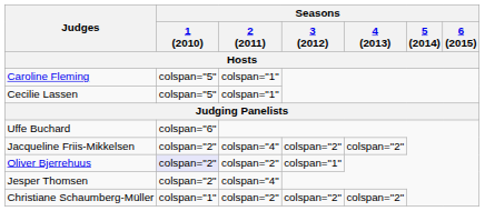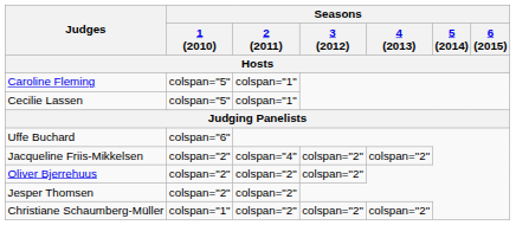 <table class="wikitable" style="margin:1em auto 1em auto;">
 <tr>
 <th rowspan="2">Judges</th>
 <th colspan="6">Seasons</th>
 </tr>
 <tr>
 <th><a href='#'>1</a><br> (2010)</th>
 <th><a href='#'>2</a><br> (2011)</th>
 <th><a href='#'>3</a><br> (2012)</th>
 <th><a href='#'>4</a><br> (2013)</th>
 <th><a href='#'>5</a><br> (2014)</th>
 <th><a href='#'>6</a><br> (2015)</th>
 </tr>
 <tr>
 <th scope="col" colspan="7">Hosts</th>
 </tr>
 <tr>
 <td scope="row"><a href='#'>Caroline Fleming</a></td>
 <td>colspan="5" </td>
 <td>colspan="1" </td>
 </tr>
 <tr>
 <td scope="row">Cecilie Lassen</td>
 <td>colspan="5" </td>
 <td>colspan="1" </td>
 </tr>
 <tr>
 <th scope="col" colspan="7">Judging Panelists</th>
 </tr>
 <tr>
 <td scope="row">Uffe Buchard</td>
 <td>colspan="6" </td>
 </tr>
 <tr>
 <td scope="row">Jacqueline Friis-Mikkelsen</td>
 <td>colspan="2" </td>
 <td>colspan="4" </td>
 <td>colspan="2" </td>
 <td>colspan="2" </td>
 </tr>
 <tr>
 <td scope="row"><a href='#'>Oliver Bjerrehuus</a></td>
-<td style="background: lavender;">colspan="2" </td>
 <td>colspan="2" </td>
-<td>colspan="1" </td>
+<td>colspan="2" </td>
+<td>colspan="2" </td>
 </tr>
 <tr>
 <td scope="row">Jesper Thomsen</td>
 <td>colspan="2" </td>
-<td>colspan="4" </td>
+<td>colspan="2" </td>
 </tr>
 <tr>
 <td scope="row">Christiane Schaumberg-Müller</td>
 <td>colspan="1" </td>
 <td>colspan="2" </td>
 <td>colspan="2" </td>
 <td>colspan="2" </td>
 </tr>
 </table>
